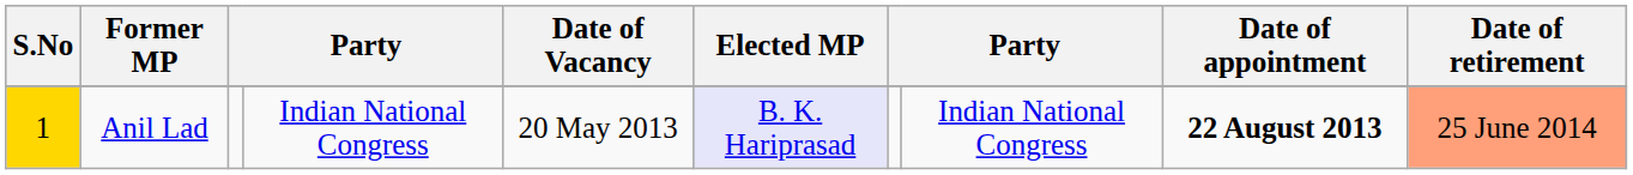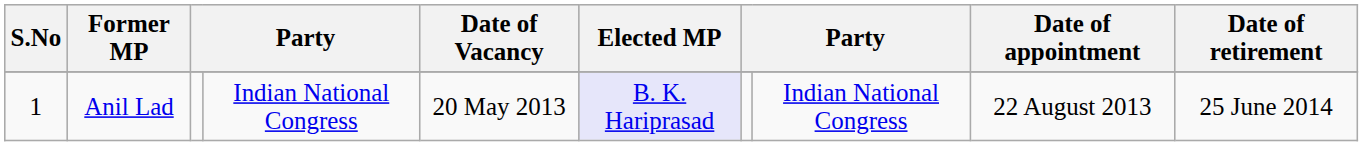 <table class="wikitable sortable">
 <tr>
 <th>S.No</th>
 <th>Former MP</th>
 <th colspan=2>Party</th>
 <th>Date of Vacancy</th>
 <th>Elected MP</th>
 <th colspan=2>Party</th>
 <th>Date of appointment</th>
 <th>Date of retirement</th>
 </tr>
 <tr>
 </tr>
 <tr style="text-align:center;">
-<td style="background: gold;">1</td>
+<td>1</td>
 <td><a href='#'>Anil Lad</a></td>
 <td></td>
 <td><a href='#'>Indian National Congress</a></td>
 <td>20 May 2013</td>
 <td style="background: lavender;"><a href='#'>B. K. Hariprasad</a></td>
 <td></td>
 <td><a href='#'>Indian National Congress</a></td>
-<td><strong>22 August 2013</strong></td>
-<td style="background: lightsalmon;">25 June 2014</td>
+<td>22 August 2013</td>
+<td>25 June 2014</td>
 </tr>
 </table>
